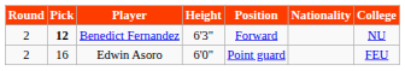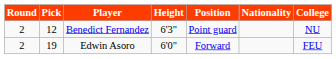 <table class="wikitable sortable sortable">
 <tr>
 <th style="background:#FF3C00; color:#FFFFFF; ">Round</th>
 <th style="background:#FF3C00; color:#FFFFFF; ">Pick</th>
 <th style="background:#FF3C00; color:#FFFFFF; ">Player</th>
 <th style="background:#FF3C00; color:#FFFFFF; ">Height</th>
 <th style="background:#FF3C00; color:#FFFFFF; ">Position</th>
 <th style="background:#FF3C00; color:#FFFFFF; ">Nationality</th>
 <th style="background:#FF3C00; color:#FFFFFF; ">College</th>
 </tr>
 <tr style="text-align: center">
 <td>2</td>
-<td><strong>12</strong></td>
+<td>12</td>
 <td><a href='#'>Benedict Fernandez</a></td>
 <td>6'3"</td>
-<td><a href='#'>Forward</a></td>
+<td><a href='#'>Point guard</a></td>
 <td></td>
 <td><a href='#'>NU</a></td>
 </tr>
 <tr style="text-align: center">
 <td>2</td>
-<td>16</td>
+<td>19</td>
 <td>Edwin Asoro</td>
 <td>6'0"</td>
-<td><a href='#'>Point guard</a></td>
+<td><a href='#'>Forward</a></td>
 <td></td>
 <td><a href='#'>FEU</a></td>
 </tr>
 </table>
